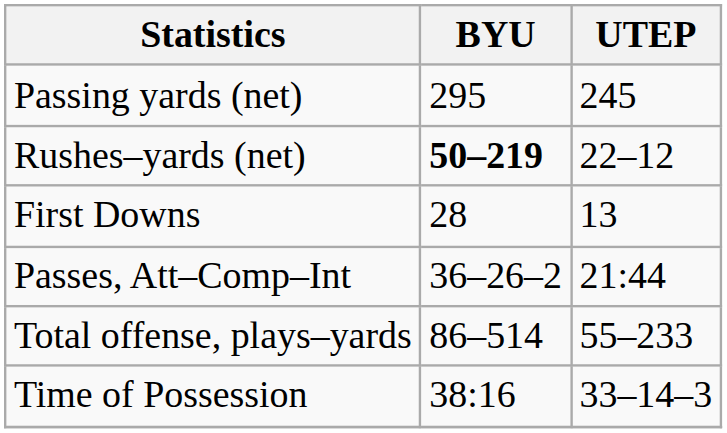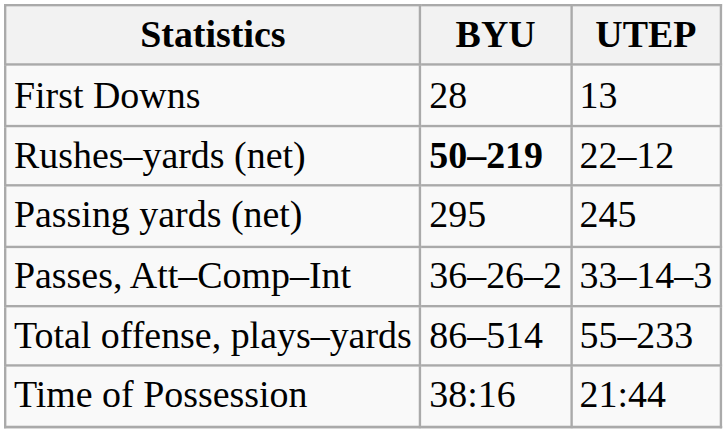 <table class="wikitable">
 <tr>
 <th>Statistics</th>
 <th>BYU</th>
 <th>UTEP</th>
 </tr>
 <tr>
-<td>Passing yards (net)</td>
-<td>295</td>
-<td>245</td>
+<td>First Downs</td>
+<td>28</td>
+<td>13</td>
 </tr>
 <tr>
 <td>Rushes–yards (net)</td>
 <td><strong>50–219</strong></td>
 <td>22–12</td>
 </tr>
 <tr>
-<td>First Downs</td>
-<td>28</td>
-<td>13</td>
+<td>Passing yards (net)</td>
+<td>295</td>
+<td>245</td>
 </tr>
 <tr>
 <td>Passes, Att–Comp–Int</td>
 <td>36–26–2</td>
-<td>21:44</td>
+<td>33–14–3</td>
 </tr>
 <tr>
 <td>Total offense, plays–yards</td>
 <td>86–514</td>
 <td>55–233</td>
 </tr>
 <tr>
 <td>Time of Possession</td>
 <td>38:16</td>
-<td>33–14–3</td>
+<td>21:44</td>
 </tr>
 <tr>
 </tr>
 </table>
